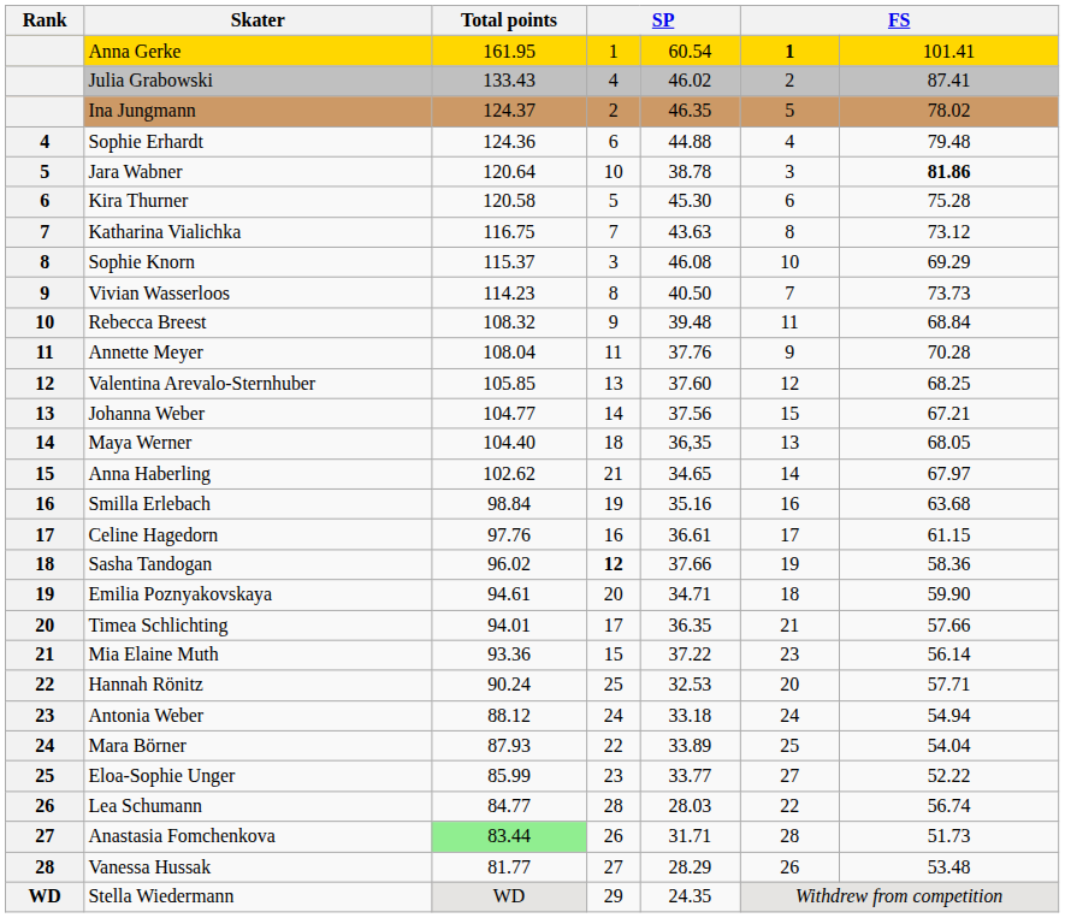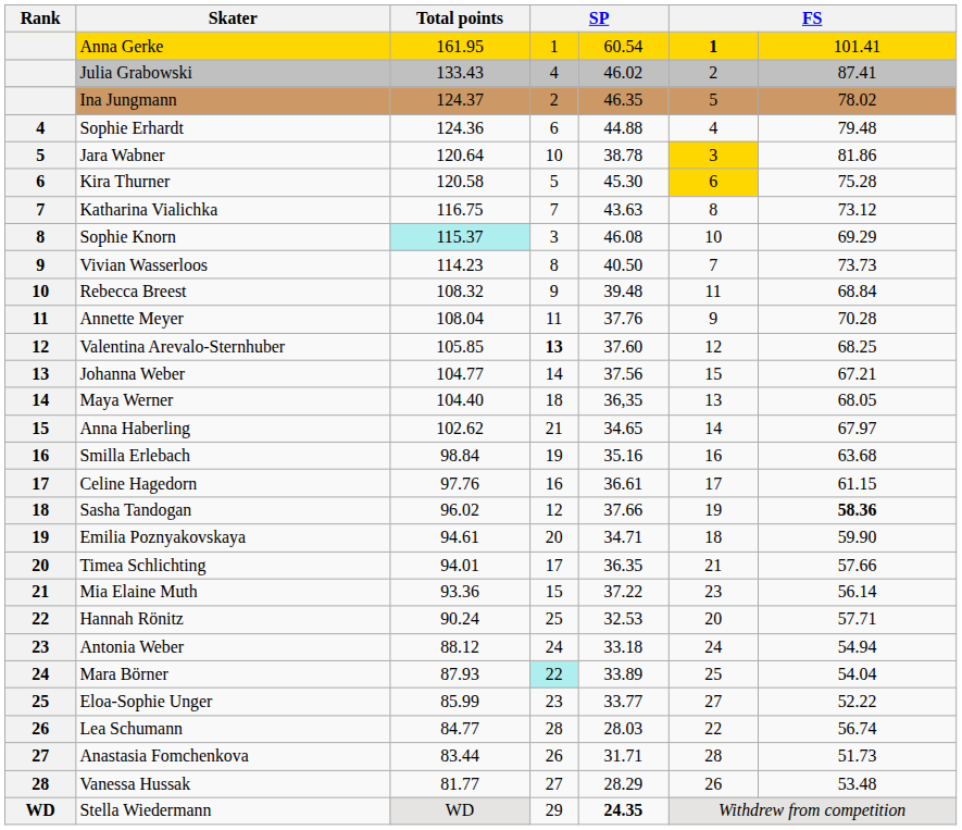 <table class="wikitable sortable" style="text-align:center;" width="70%">
 <tr>
 <th scope="col">Rank</th>
 <th scope="col">Skater</th>
 <th scope="col">Total points</th>
 <th scope="col" colspan="2" width="80px"><a href='#'>SP</a></th>
 <th scope="col" colspan="2" width="80px"><a href='#'>FS</a></th>
 </tr>
 <tr bgcolor="gold">
 <th scope="row"></th>
 <td align="left">Anna Gerke</td>
 <td>161.95</td>
 <td>1</td>
 <td>60.54</td>
 <td><strong>1</strong></td>
 <td>101.41</td>
 </tr>
 <tr bgcolor="silver">
 <th scope="row"></th>
 <td align="left">Julia Grabowski</td>
 <td>133.43</td>
 <td>4</td>
 <td>46.02</td>
 <td>2</td>
 <td>87.41</td>
 </tr>
 <tr bgcolor="cc9966">
 <th scope="row"></th>
 <td align="left">Ina Jungmann</td>
 <td>124.37</td>
 <td>2</td>
 <td>46.35</td>
 <td>5</td>
 <td>78.02</td>
 </tr>
 <tr>
 <th scope="row">4</th>
 <td align="left">Sophie Erhardt</td>
 <td>124.36</td>
 <td>6</td>
 <td>44.88</td>
 <td>4</td>
 <td>79.48</td>
 </tr>
 <tr>
 <th scope="row">5</th>
 <td align="left">Jara Wabner</td>
 <td>120.64</td>
 <td>10</td>
 <td>38.78</td>
-<td>3</td>
-<td><strong>81.86</strong></td>
+<td style="background: gold;">3</td>
+<td>81.86</td>
 </tr>
 <tr>
 <th scope="row">6</th>
 <td align="left">Kira Thurner</td>
 <td>120.58</td>
 <td>5</td>
 <td>45.30</td>
-<td>6</td>
+<td style="background: gold;">6</td>
 <td>75.28</td>
 </tr>
 <tr>
 <th scope="row">7</th>
 <td align="left">Katharina Vialichka</td>
 <td>116.75</td>
 <td>7</td>
 <td>43.63</td>
 <td>8</td>
 <td>73.12</td>
 </tr>
 <tr>
 <th scope="row">8</th>
 <td align="left">Sophie Knorn</td>
-<td>115.37</td>
+<td style="background: paleturquoise;">115.37</td>
 <td>3</td>
 <td>46.08</td>
 <td>10</td>
 <td>69.29</td>
 </tr>
 <tr>
 <th scope="row">9</th>
 <td align="left">Vivian Wasserloos</td>
 <td>114.23</td>
 <td>8</td>
 <td>40.50</td>
 <td>7</td>
 <td>73.73</td>
 </tr>
 <tr>
 <th scope="row">10</th>
 <td align="left">Rebecca Breest</td>
 <td>108.32</td>
 <td>9</td>
 <td>39.48</td>
 <td>11</td>
 <td>68.84</td>
 </tr>
 <tr>
 <th scope="row">11</th>
 <td align="left">Annette Meyer</td>
 <td>108.04</td>
 <td>11</td>
 <td>37.76</td>
 <td>9</td>
 <td>70.28</td>
 </tr>
 <tr>
 <th scope="row">12</th>
 <td align="left">Valentina Arevalo-Sternhuber</td>
 <td>105.85</td>
-<td>13</td>
+<td><strong>13</strong></td>
 <td>37.60</td>
 <td>12</td>
 <td>68.25</td>
 </tr>
 <tr>
 <th scope="row">13</th>
 <td align="left">Johanna Weber</td>
 <td>104.77</td>
 <td>14</td>
 <td>37.56</td>
 <td>15</td>
 <td>67.21</td>
 </tr>
 <tr>
 <th scope="row">14</th>
 <td align="left">Maya Werner</td>
 <td>104.40</td>
 <td>18</td>
 <td>36,35</td>
 <td>13</td>
 <td>68.05</td>
 </tr>
 <tr>
 <th scope="row">15</th>
 <td align="left">Anna Haberling</td>
 <td>102.62</td>
 <td>21</td>
 <td>34.65</td>
 <td>14</td>
 <td>67.97</td>
 </tr>
 <tr>
 <th scope="row">16</th>
 <td align="left">Smilla Erlebach</td>
 <td>98.84</td>
 <td>19</td>
 <td>35.16</td>
 <td>16</td>
 <td>63.68</td>
 </tr>
 <tr>
 <th scope="row">17</th>
 <td align="left">Celine Hagedorn</td>
 <td>97.76</td>
 <td>16</td>
 <td>36.61</td>
 <td>17</td>
 <td>61.15</td>
 </tr>
 <tr>
 <th scope="row">18</th>
 <td align="left">Sasha Tandogan</td>
 <td>96.02</td>
-<td><strong>12</strong></td>
+<td>12</td>
 <td>37.66</td>
 <td>19</td>
-<td>58.36</td>
+<td><strong>58.36</strong></td>
 </tr>
 <tr>
 <th scope="row">19</th>
 <td align="left">Emilia Poznyakovskaya</td>
 <td>94.61</td>
 <td>20</td>
 <td>34.71</td>
 <td>18</td>
 <td>59.90</td>
 </tr>
 <tr>
 <th scope="row">20</th>
 <td align="left">Timea Schlichting</td>
 <td>94.01</td>
 <td>17</td>
 <td>36.35</td>
 <td>21</td>
 <td>57.66</td>
 </tr>
 <tr>
 <th scope="row">21</th>
 <td align="left">Mia Elaine Muth</td>
 <td>93.36</td>
 <td>15</td>
 <td>37.22</td>
 <td>23</td>
 <td>56.14</td>
 </tr>
 <tr>
 <th scope="row">22</th>
 <td align="left">Hannah Rönitz</td>
 <td>90.24</td>
 <td>25</td>
 <td>32.53</td>
 <td>20</td>
 <td>57.71</td>
 </tr>
 <tr>
 <th scope="row">23</th>
 <td align="left">Antonia Weber</td>
 <td>88.12</td>
 <td>24</td>
 <td>33.18</td>
 <td>24</td>
 <td>54.94</td>
 </tr>
 <tr>
 <th scope="row">24</th>
 <td align="left">Mara Börner</td>
 <td>87.93</td>
-<td>22</td>
+<td style="background: paleturquoise;">22</td>
 <td>33.89</td>
 <td>25</td>
 <td>54.04</td>
 </tr>
 <tr>
 <th scope="row">25</th>
 <td align="left">Eloa-Sophie Unger</td>
 <td>85.99</td>
 <td>23</td>
 <td>33.77</td>
 <td>27</td>
 <td>52.22</td>
 </tr>
 <tr>
 <th scope="row">26</th>
 <td align="left">Lea Schumann</td>
 <td>84.77</td>
 <td>28</td>
 <td>28.03</td>
 <td>22</td>
 <td>56.74</td>
 </tr>
 <tr>
 <th scope="row">27</th>
 <td align="left">Anastasia Fomchenkova</td>
-<td style="background: lightgreen;">83.44</td>
+<td>83.44</td>
 <td>26</td>
 <td>31.71</td>
 <td>28</td>
 <td>51.73</td>
 </tr>
 <tr>
 <th scope="row">28</th>
 <td align="left">Vanessa Hussak</td>
 <td>81.77</td>
 <td>27</td>
 <td>28.29</td>
 <td>26</td>
 <td>53.48</td>
 </tr>
 <tr>
 <th scope="row">WD</th>
 <td align="left">Stella Wiedermann</td>
 <td bgcolor="e5e4e2" align="center">WD</td>
 <td>29</td>
-<td>24.35</td>
+<td><strong>24.35</strong></td>
 <td colspan="2" bgcolor="e5e4e2" align="center"><em>Withdrew from competition</em></td>
 </tr>
 </table>
